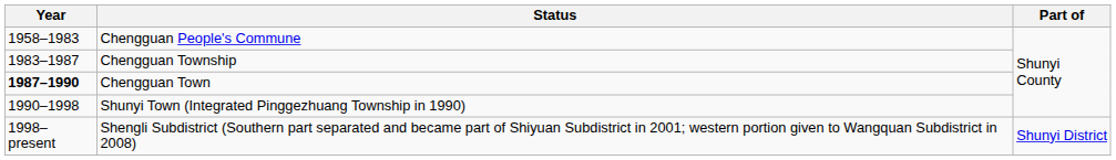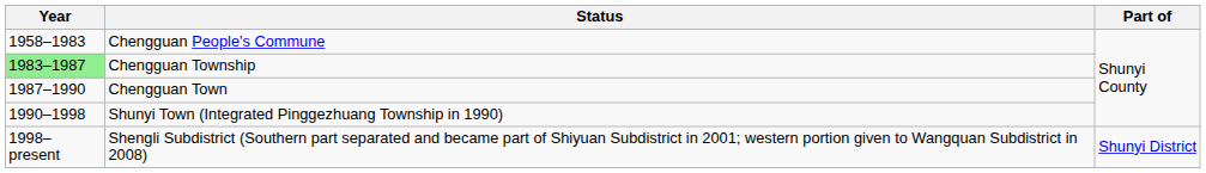 <table class="wikitable">
 <tr>
 <th>Year</th>
 <th>Status</th>
 <th>Part of</th>
 </tr>
 <tr>
 <td>1958–1983</td>
 <td>Chengguan <a href='#'>People's Commune</a></td>
 <td rowspan="4">Shunyi County</td>
 </tr>
 <tr>
-<td>1983–1987</td>
+<td style="background: lightgreen;">1983–1987</td>
 <td>Chengguan Township</td>
 </tr>
 <tr>
-<td><strong>1987–1990</strong></td>
+<td>1987–1990</td>
 <td>Chengguan Town</td>
 </tr>
 <tr>
 <td>1990–1998</td>
 <td>Shunyi Town (Integrated Pinggezhuang Township in 1990)</td>
 </tr>
 <tr>
 <td>1998–present</td>
 <td>Shengli Subdistrict (Southern part separated and became part of Shiyuan Subdistrict in 2001; western portion given to Wangquan Subdistrict in 2008)</td>
 <td><a href='#'>Shunyi District</a></td>
 </tr>
 </table>
